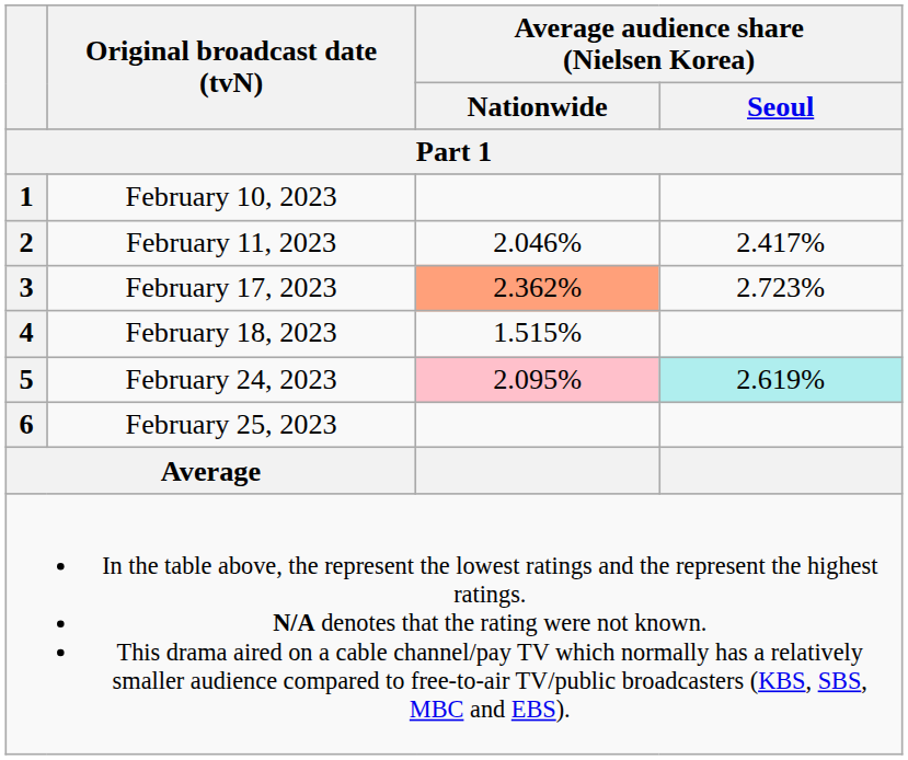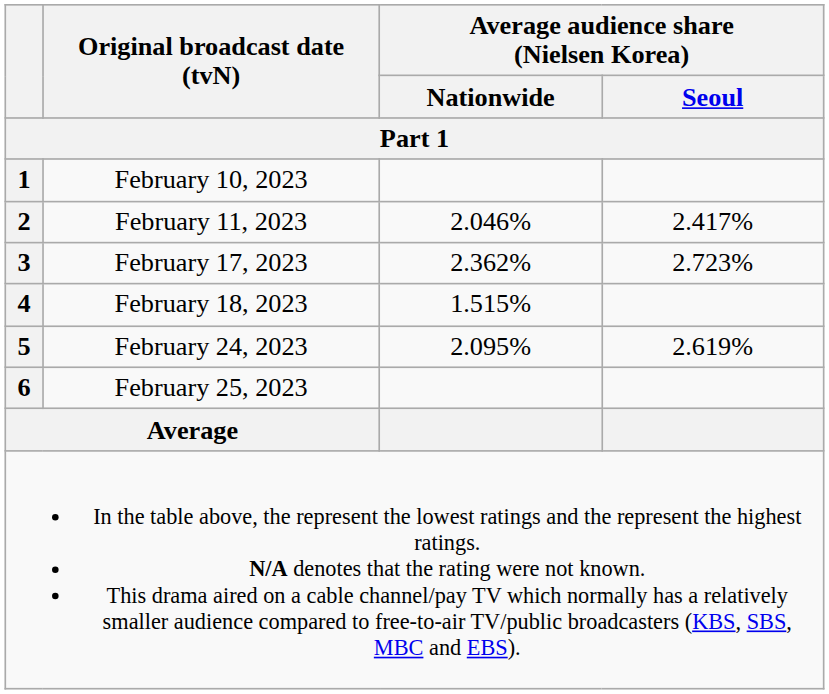 <table class="wikitable" style="text-align:center; margin-left:auto; margin-right:auto; width:500px">
 <tr>
 <th scope="col" rowspan="2"></th>
 <th scope="col" rowspan="2">Original broadcast date (tvN)</th>
 <th scope="col" colspan="2">Average audience share<br>(Nielsen Korea)</th>
 </tr>
 <tr>
 <th scope="col" style="width:8em">Nationwide</th>
 <th scope="col" style="width:8em"><a href='#'>Seoul</a></th>
 </tr>
 <tr>
 <th scope="col" colspan="4">Part 1</th>
 </tr>
 <tr>
 <th scope="row">1</th>
 <td>February 10, 2023</td>
 <td><strong></strong> </td>
 <td><strong></strong> </td>
 </tr>
 <tr>
 <th scope="row">2</th>
 <td>February 11, 2023</td>
 <td>2.046% </td>
 <td>2.417% </td>
 </tr>
 <tr>
 <th scope="row">3</th>
 <td>February 17, 2023</td>
-<td style="background: lightsalmon;">2.362% </td>
+<td>2.362% </td>
 <td>2.723% </td>
 </tr>
 <tr>
 <th scope="row">4</th>
 <td>February 18, 2023</td>
 <td blue>1.515% </td>
 <td><strong></strong> </td>
 </tr>
 <tr>
 <th scope="row">5</th>
 <td>February 24, 2023</td>
-<td style="background: pink;">2.095% </td>
-<td style="background: paleturquoise;">2.619% </td>
+<td>2.095% </td>
+<td>2.619% </td>
 </tr>
 <tr>
 <th scope="row">6</th>
 <td>February 25, 2023</td>
 <td><strong></strong> </td>
 <td></td>
 </tr>
 <tr>
 <th colspan="2">Average</th>
 <th></th>
 <th></th>
 </tr>
 <tr>
 <td colspan="4" style="font-size:85%"><br><ul><li>In the table above, the <strong></strong> represent the lowest ratings and the <strong></strong> represent the highest ratings.</li><li><strong>N/A</strong> denotes that the rating were not known.</li><li>This drama aired on a cable channel/pay TV which normally has a relatively smaller audience compared to free-to-air TV/public broadcasters (<a href='#'>KBS</a>, <a href='#'>SBS</a>, <a href='#'>MBC</a> and <a href='#'>EBS</a>).</li></ul></td>
 </tr>
 </table>
